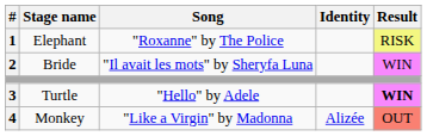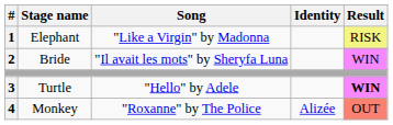 <table class="wikitable plainrowheaders" style="text-align: center;">
 <tr>
 <th>#</th>
 <th>Stage name</th>
 <th>Song</th>
 <th>Identity</th>
 <th>Result</th>
 </tr>
 <tr>
 <th>1</th>
 <td>Elephant</td>
-<td>"<a href='#'>Roxanne</a>" by <a href='#'>The Police</a></td>
+<td>"<a href='#'>Like a Virgin</a>" by <a href='#'>Madonna</a></td>
 <td></td>
 <td bgcolor="#F3F781">RISK</td>
 </tr>
 <tr>
 <th>2</th>
 <td>Bride</td>
 <td>"<a href='#'>Il avait les mots</a>" by <a href='#'>Sheryfa Luna</a></td>
 <td></td>
 <td bgcolor=#F888FD>WIN</td>
 </tr>
 <tr>
 <td colspan="5" style="background:darkgray"></td>
 </tr>
 <tr>
 <th>3</th>
 <td>Turtle</td>
 <td>"<a href='#'>Hello</a>" by <a href='#'>Adele</a></td>
 <td></td>
 <td bgcolor=#F888FD><strong>WIN</strong></td>
 </tr>
 <tr>
 <th>4</th>
 <td>Monkey</td>
-<td>"<a href='#'>Like a Virgin</a>" by <a href='#'>Madonna</a></td>
+<td>"<a href='#'>Roxanne</a>" by <a href='#'>The Police</a></td>
 <td><a href='#'>Alizée</a></td>
 <td bgcolor=salmon>OUT</td>
 </tr>
 </table>
